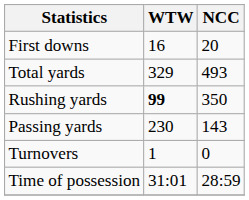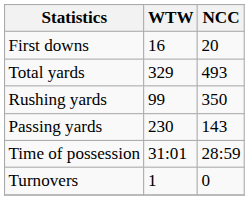 <table class="wikitable">
 <tr>
 <th>Statistics</th>
 <th>WTW</th>
 <th>NCC</th>
 </tr>
 <tr>
 <td>First downs</td>
 <td>16</td>
 <td>20</td>
 </tr>
 <tr>
 <td>Total yards</td>
 <td>329</td>
 <td>493</td>
 </tr>
 <tr>
 <td>Rushing yards</td>
-<td><strong>99</strong></td>
+<td>99</td>
 <td>350</td>
 </tr>
 <tr>
 <td>Passing yards</td>
 <td>230</td>
 <td>143</td>
 </tr>
 <tr>
+<td>Time of possession</td>
+<td>31:01</td>
+<td>28:59</td>
+</tr>
+<tr>
 <td>Turnovers</td>
 <td>1</td>
 <td>0</td>
 </tr>
 <tr>
-<td>Time of possession</td>
-<td>31:01</td>
-<td>28:59</td>
-</tr>
-<tr>
 </tr>
 </table>
